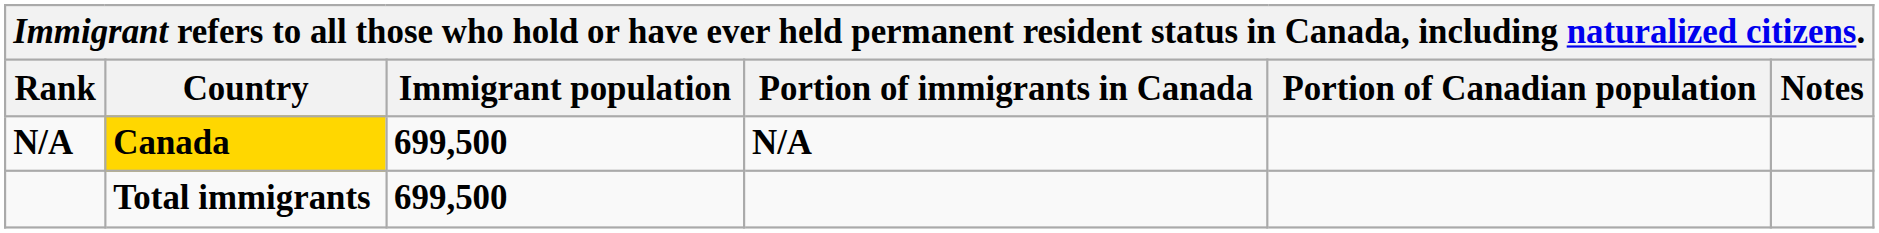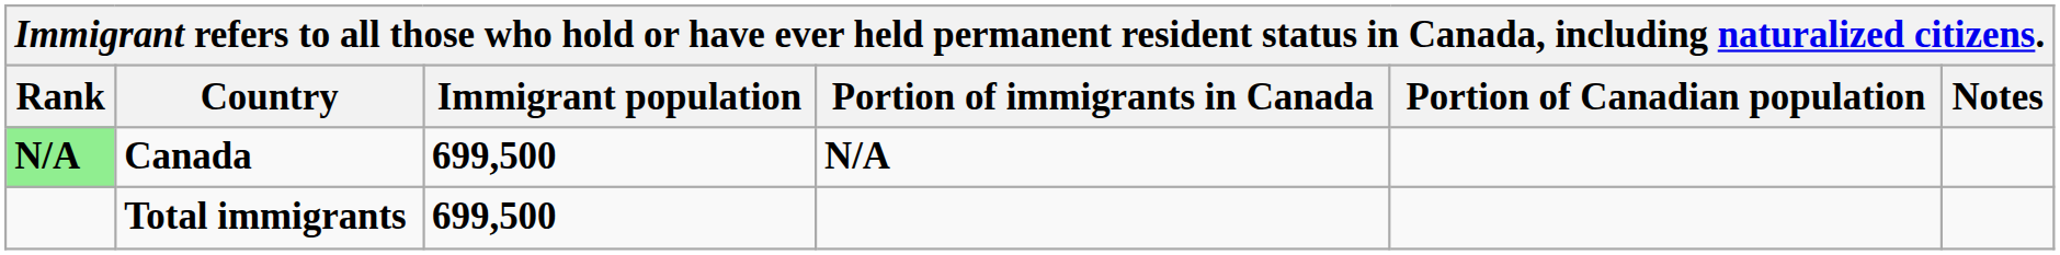 <table class="wikitable sortable">
 <tr>
 <th colspan="6"><em>Immigrant</em> refers to all those who hold or have ever held permanent resident status in Canada, including <a href='#'>naturalized citizens</a>.</th>
 </tr>
 <tr>
 <th>Rank</th>
 <th>Country</th>
 <th>Immigrant population</th>
 <th>Portion of immigrants in Canada</th>
 <th>Portion of Canadian population</th>
 <th>Notes</th>
 </tr>
 <tr>
-<td><strong>N/A</strong></td>
-<td style="background: gold;"><strong>Canada</strong></td>
+<td style="background: lightgreen;"><strong>N/A</strong></td>
+<td><strong>Canada</strong></td>
 <td><strong>699,500</strong></td>
 <td><strong>N/A</strong></td>
 <td><strong></strong></td>
 <td></td>
 </tr>
 <tr>
 <td></td>
 <td><strong>Total immigrants</strong></td>
 <td><strong>699,500</strong></td>
 <td><strong></strong></td>
 <td><strong></strong></td>
 </tr>
 </table>
